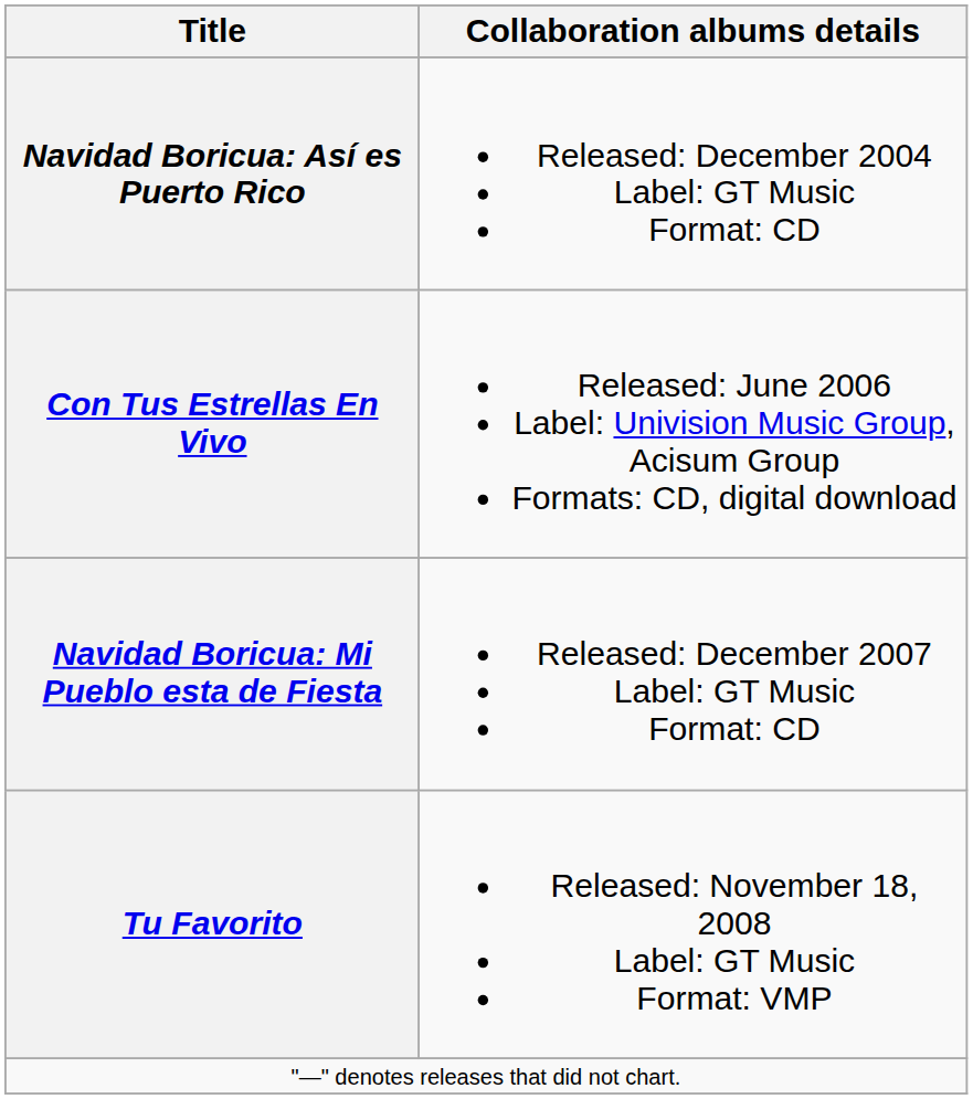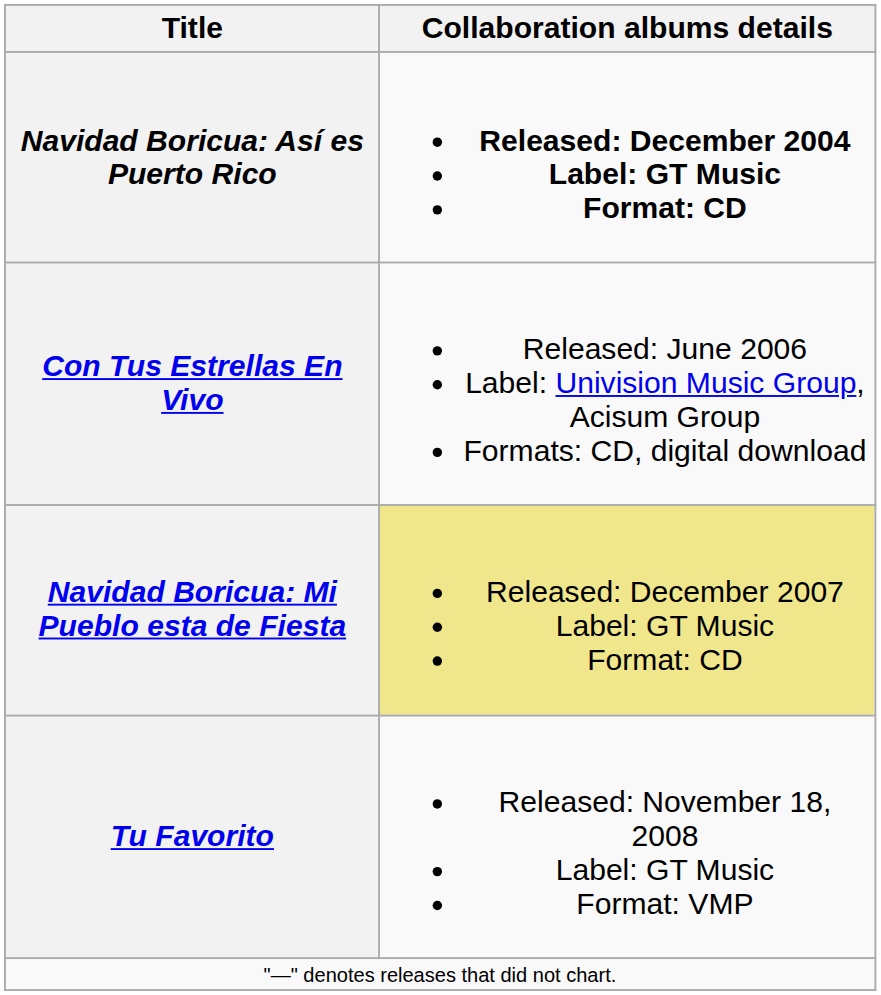 <table class="wikitable plainrowheaders" style="text-align:center;">
 <tr>
 <th scope="col" style="width:12em;">Title</th>
 <th scope="col" style="width:16em;">Collaboration albums details</th>
 </tr>
 <tr>
 <th scope="row"><em>Navidad Boricua: Así es Puerto Rico</em></th>
-<td><br><ul><li>Released: December 2004</li><li>Label: GT Music</li><li>Format: CD</li></ul></td>
+<td><strong><br><ul><li>Released: December 2004</li><li>Label: GT Music</li><li>Format: CD</li></ul></strong></td>
 </tr>
 <tr>
 <th scope="row"><em><a href='#'>Con Tus Estrellas En Vivo</a></em></th>
 <td><br><ul><li>Released: June 2006</li><li>Label: <a href='#'>Univision Music Group</a>, Acisum Group</li><li>Formats: CD, digital download</li></ul></td>
 </tr>
 <tr>
 <th scope="row"><em><a href='#'>Navidad Boricua: Mi Pueblo esta de Fiesta</a></em></th>
-<td><br><ul><li>Released: December 2007</li><li>Label: GT Music</li><li>Format: CD</li></ul></td>
+<td style="background: khaki;"><br><ul><li>Released: December 2007</li><li>Label: GT Music</li><li>Format: CD</li></ul></td>
 </tr>
 <tr>
 <th scope="row"><em><a href='#'>Tu Favorito</a></em></th>
 <td><br><ul><li>Released: November 18, 2008</li><li>Label: GT Music</li><li>Format: VMP</li></ul></td>
 </tr>
 <tr>
 <td colspan="9" style="font-size:8pt">"—" denotes releases that did not chart.</td>
 </tr>
 </table>
